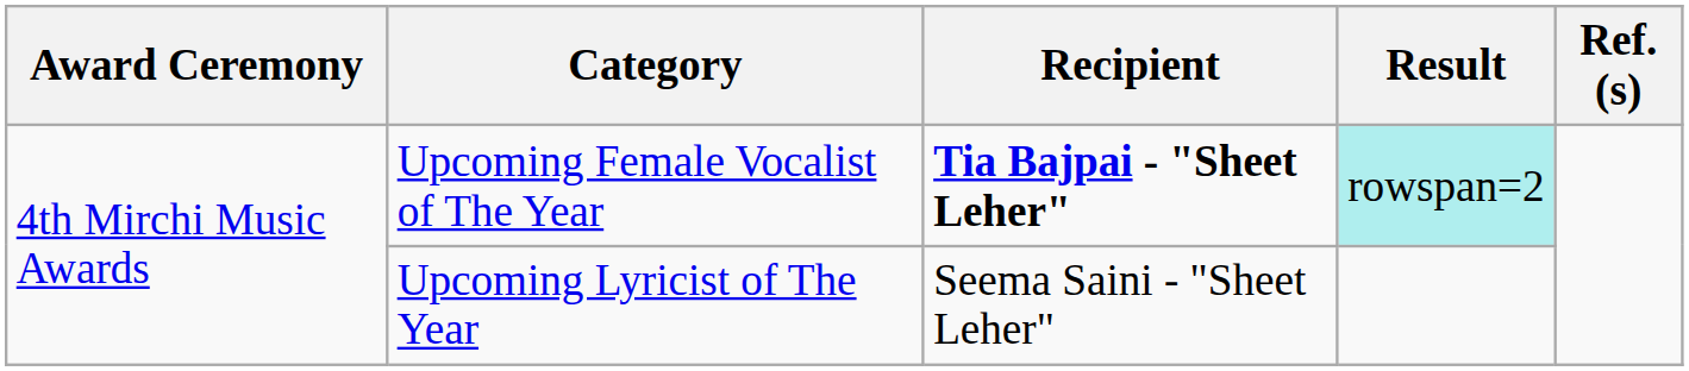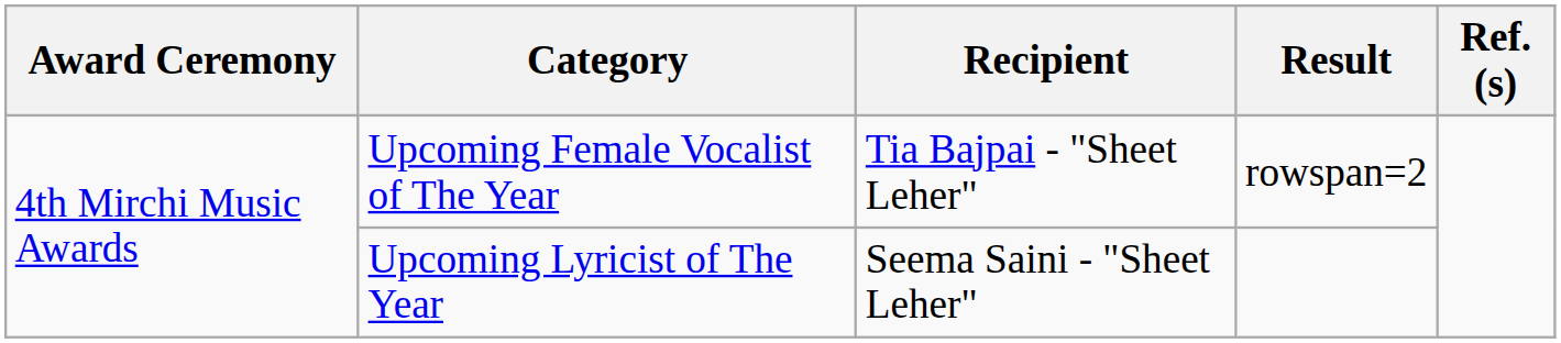 <table class="wikitable">
 <tr>
 <th>Award Ceremony</th>
 <th>Category</th>
 <th>Recipient</th>
 <th>Result</th>
 <th>Ref.(s)</th>
 </tr>
 <tr>
 <td rowspan=2><a href='#'>4th Mirchi Music Awards</a></td>
 <td><a href='#'>Upcoming Female Vocalist of The Year</a></td>
-<td><strong><a href='#'>Tia Bajpai</a> - "Sheet Leher"</strong></td>
-<td style="background: paleturquoise;">rowspan=2 </td>
+<td><a href='#'>Tia Bajpai</a> - "Sheet Leher"</td>
+<td>rowspan=2 </td>
 <td rowspan=2></td>
 </tr>
 <tr>
 <td><a href='#'>Upcoming Lyricist of The Year</a></td>
 <td>Seema Saini - "Sheet Leher"</td>
 </tr>
 </table>
